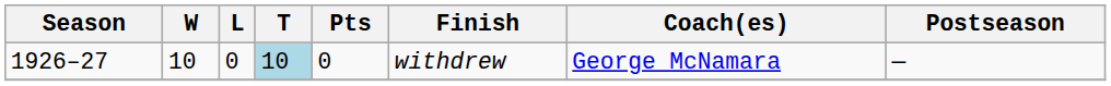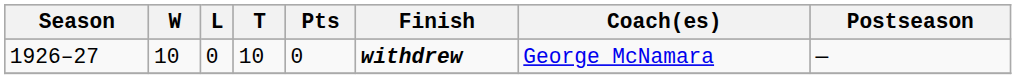 <table class="wikitable" width=39%>
 <tr>
 <th>Season</th>
 <th>W</th>
 <th>L</th>
 <th>T</th>
 <th>Pts</th>
 <th>Finish</th>
 <th>Coach(es)</th>
 <th>Postseason</th>
 </tr>
 <tr>
 <td>1926–27</td>
 <td>10</td>
 <td>0</td>
-<td style="background: lightblue;">10</td>
+<td>10</td>
 <td>0</td>
-<td><em>withdrew</em></td>
+<td><strong><em>withdrew</em></strong></td>
 <td><a href='#'>George McNamara</a></td>
 <td>—</td>
 </tr>
 <tr>
 </tr>
 </table>
